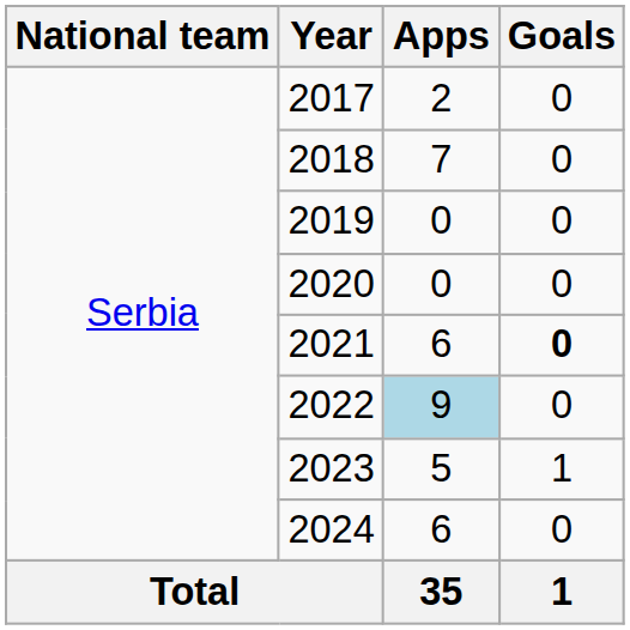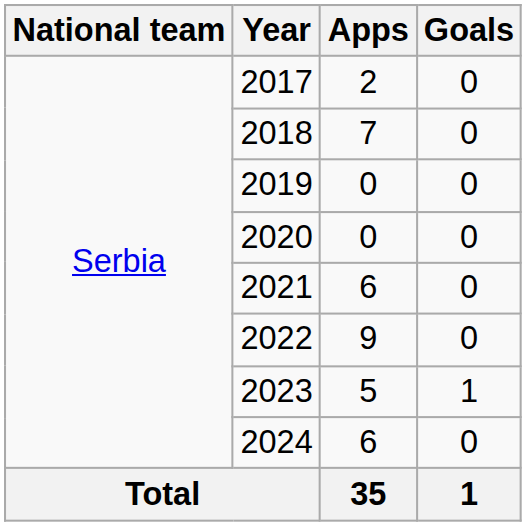 <table class="wikitable" style="text-align:center">
 <tr>
 <th>National team</th>
 <th>Year</th>
 <th>Apps</th>
 <th>Goals</th>
 </tr>
 <tr>
 <td rowspan="8"><a href='#'>Serbia</a></td>
 <td>2017</td>
 <td>2</td>
 <td>0</td>
 </tr>
 <tr>
 <td>2018</td>
 <td>7</td>
 <td>0</td>
 </tr>
 <tr>
 <td>2019</td>
 <td>0</td>
 <td>0</td>
 </tr>
 <tr>
 <td>2020</td>
 <td>0</td>
 <td>0</td>
 </tr>
 <tr>
 <td>2021</td>
 <td>6</td>
-<td><strong>0</strong></td>
+<td>0</td>
 </tr>
 <tr>
 <td>2022</td>
-<td style="background: lightblue;">9</td>
+<td>9</td>
 <td>0</td>
 </tr>
 <tr>
 <td>2023</td>
 <td>5</td>
 <td>1</td>
 </tr>
 <tr>
 <td>2024</td>
 <td>6</td>
 <td>0</td>
 </tr>
 <tr>
 <th colspan="2">Total</th>
 <th>35</th>
 <th>1</th>
 </tr>
 </table>
